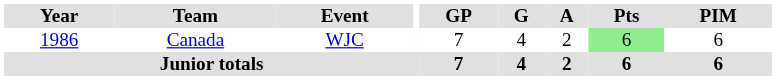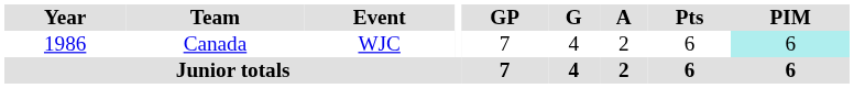 <table border="0" cellpadding="1" cellspacing="0" ID="Table3" style="text-align:center; width:40em">
 <tr bgcolor="#e0e0e0">
 <th>Year</th>
 <th>Team</th>
 <th>Event</th>
 <th rowspan="102" bgcolor="#ffffff"></th>
 <th>GP</th>
 <th>G</th>
 <th>A</th>
 <th>Pts</th>
 <th>PIM</th>
 </tr>
 <tr>
 <td><a href='#'>1986</a></td>
 <td><a href='#'>Canada</a></td>
 <td><a href='#'>WJC</a></td>
 <td>7</td>
 <td>4</td>
 <td>2</td>
-<td style="background: lightgreen;">6</td>
 <td>6</td>
+<td style="background: paleturquoise;">6</td>
 </tr>
 <tr bgcolor="#e0e0e0">
 <th colspan="4">Junior totals</th>
 <th>7</th>
 <th>4</th>
 <th>2</th>
 <th>6</th>
 <th>6</th>
 </tr>
 </table>
